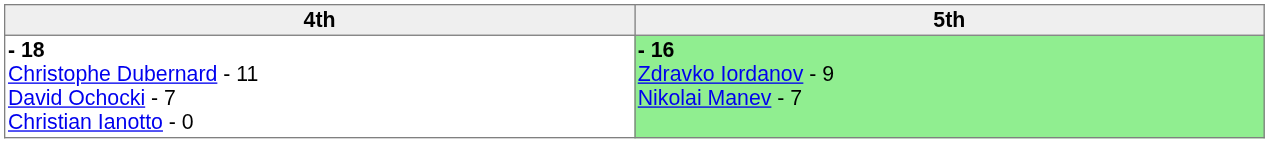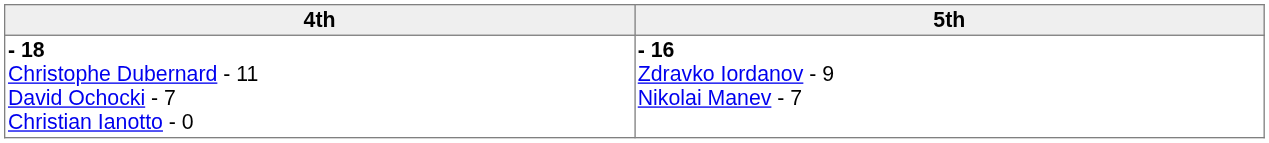 <table border="1" cellpadding="2" cellspacing="0" style="width:75%; border-collapse:collapse">
 <tr style="text-align:left; background:#efefef;">
 <th style="width:15%; text-align:center;">4th</th>
 <th style="width:15%; text-align:center;">5th</th>
 </tr>
 <tr align=left>
 <td valign=top align=left><strong> - 18</strong><br><a href='#'>Christophe Dubernard</a> - 11<br><a href='#'>David Ochocki</a> - 7<br><a href='#'>Christian Ianotto</a> - 0</td>
-<td valign=top align=left style="background: lightgreen;"><strong> - 16</strong><br><a href='#'>Zdravko Iordanov</a> - 9<br><a href='#'>Nikolai Manev</a> - 7<br></td>
+<td valign=top align=left><strong> - 16</strong><br><a href='#'>Zdravko Iordanov</a> - 9<br><a href='#'>Nikolai Manev</a> - 7<br></td>
 </tr>
 </table>
